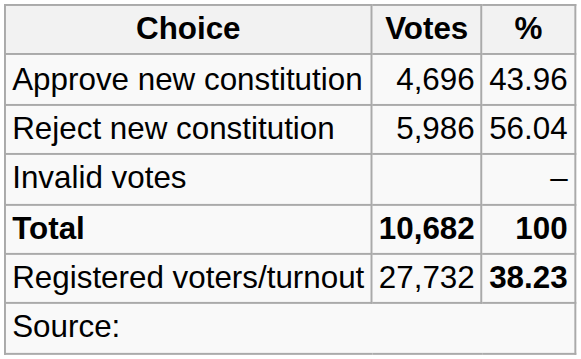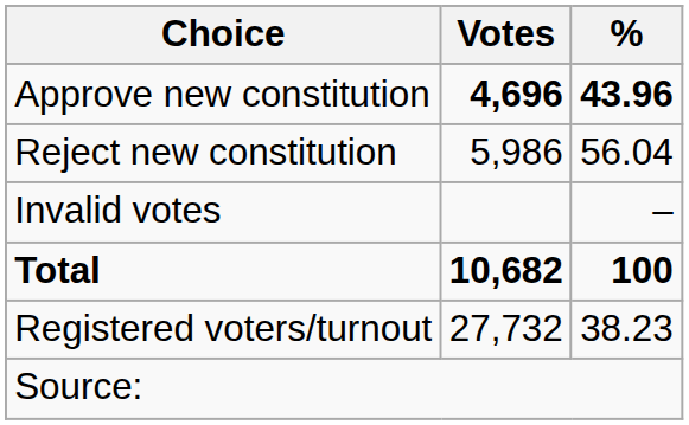 <table class=wikitable style=text-align:right>
 <tr>
 <th>Choice</th>
 <th>Votes</th>
 <th>%</th>
 </tr>
 <tr>
 <td align=left>Approve new constitution</td>
-<td>4,696</td>
-<td>43.96</td>
+<td><strong>4,696</strong></td>
+<td><strong>43.96</strong></td>
 </tr>
 <tr>
 <td align=left>Reject new constitution</td>
 <td>5,986</td>
 <td>56.04</td>
 </tr>
 <tr>
 <td align=left>Invalid votes</td>
 <td></td>
 <td>–</td>
 </tr>
 <tr>
 <td align=left><strong>Total</strong></td>
 <td><strong>10,682</strong></td>
 <td><strong>100</strong></td>
 </tr>
 <tr>
 <td align=left>Registered voters/turnout</td>
 <td>27,732</td>
-<td><strong>38.23</strong></td>
+<td>38.23</td>
 </tr>
 <tr>
 <td colspan=3 align=left>Source: </td>
 </tr>
 </table>
